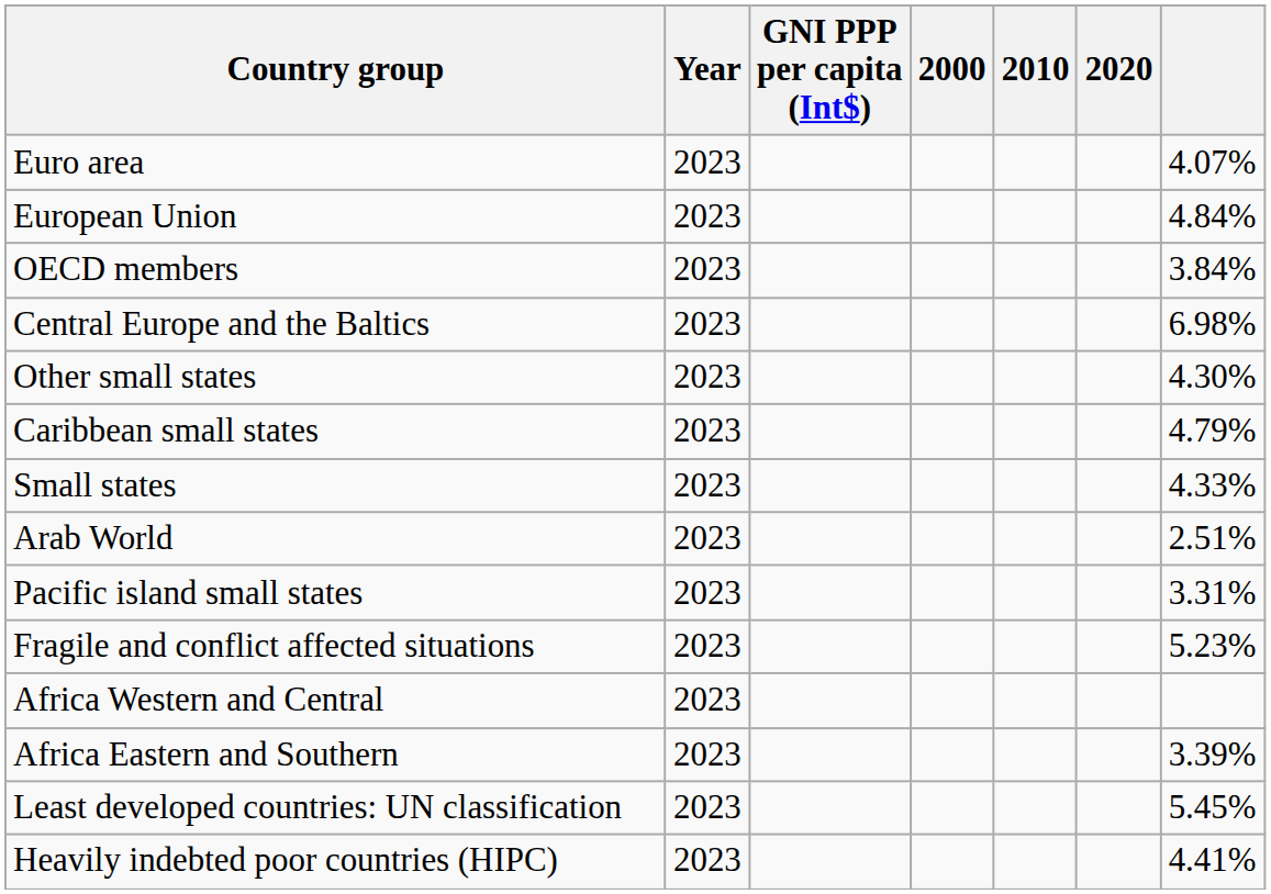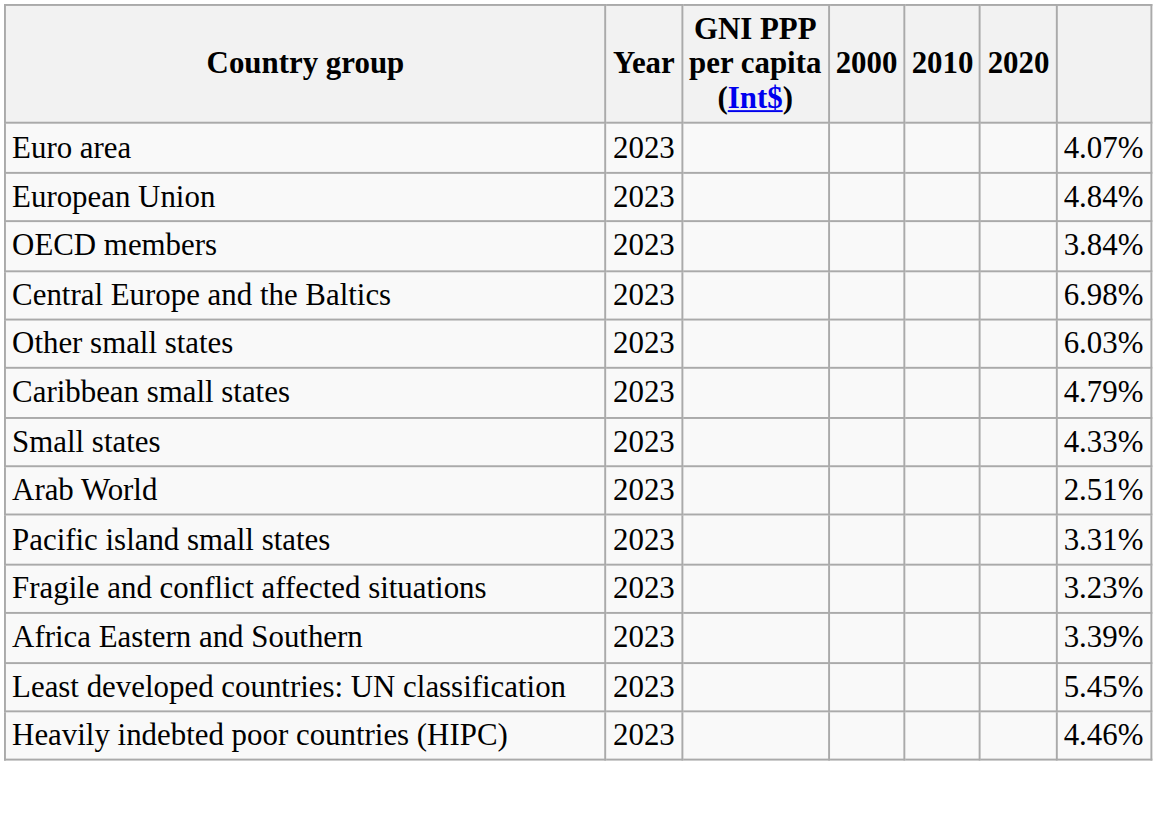 <table class="wikitable sortable sticky-header sort-under col1left ">
 <tr>
 <th style=width:19em>Country group</th>
 <th>Year</th>
 <th>GNI PPP<br>per capita<br>(<a href='#'>Int$</a>)</th>
 <th>2000</th>
 <th>2010</th>
 <th>2020</th>
 <th></th>
 </tr>
 <tr>
 <td>Euro area</td>
 <td>2023</td>
 <td></td>
 <td></td>
 <td></td>
 <td></td>
 <td>4.07%</td>
 </tr>
 <tr>
 <td>European Union</td>
 <td>2023</td>
 <td></td>
 <td></td>
 <td></td>
 <td></td>
 <td>4.84%</td>
 </tr>
 <tr>
 <td>OECD members</td>
 <td>2023</td>
 <td></td>
 <td></td>
 <td></td>
 <td></td>
 <td>3.84%</td>
 </tr>
 <tr>
 <td>Central Europe and the Baltics</td>
 <td>2023</td>
 <td></td>
 <td></td>
 <td></td>
 <td></td>
 <td>6.98%</td>
 </tr>
 <tr>
 <td>Other small states</td>
 <td>2023</td>
 <td></td>
 <td></td>
 <td></td>
 <td></td>
-<td>4.30%</td>
+<td>6.03%</td>
 </tr>
 <tr>
 <td>Caribbean small states</td>
 <td>2023</td>
 <td></td>
 <td></td>
 <td></td>
 <td></td>
 <td>4.79%</td>
 </tr>
 <tr>
 <td>Small states</td>
 <td>2023</td>
 <td></td>
 <td></td>
 <td></td>
 <td></td>
 <td>4.33%</td>
 </tr>
 <tr>
 <td>Arab World</td>
 <td>2023</td>
 <td></td>
 <td></td>
 <td></td>
 <td></td>
 <td>2.51%</td>
 </tr>
 <tr>
 <td>Pacific island small states</td>
 <td>2023</td>
 <td></td>
 <td></td>
 <td></td>
 <td></td>
 <td>3.31%</td>
 </tr>
 <tr>
 <td>Fragile and conflict affected situations</td>
 <td>2023</td>
 <td></td>
 <td></td>
 <td></td>
 <td></td>
-<td>5.23%</td>
-</tr>
-<tr>
-<td>Africa Western and Central</td>
-<td>2023</td>
-<td></td>
-<td></td>
-<td></td>
-<td></td>
-<td></td>
+<td>3.23%</td>
 </tr>
 <tr>
 <td>Africa Eastern and Southern</td>
 <td>2023</td>
 <td></td>
 <td></td>
 <td></td>
 <td></td>
 <td>3.39%</td>
 </tr>
 <tr>
 <td>Least developed countries: UN classification</td>
 <td>2023</td>
 <td></td>
 <td></td>
 <td></td>
 <td></td>
 <td>5.45%</td>
 </tr>
 <tr>
 <td>Heavily indebted poor countries (HIPC)</td>
 <td>2023</td>
 <td></td>
 <td></td>
 <td></td>
 <td></td>
-<td>4.41%</td>
+<td>4.46%</td>
 </tr>
 </table>
